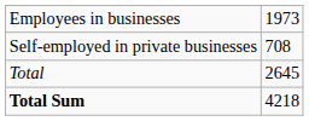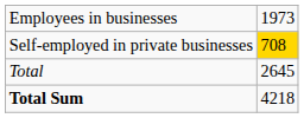 <table class="wikitable">
 <tr>
 <td>Employees in businesses</td>
 <td>1973</td>
 </tr>
 <tr>
 <td>Self-employed in private businesses</td>
-<td>708</td>
+<td style="background: gold;">708</td>
 </tr>
 <tr>
 <td><em>Total</em></td>
 <td>2645</td>
 </tr>
 <tr>
 <td><strong>Total Sum</strong></td>
 <td>4218</td>
 </tr>
 </table>
